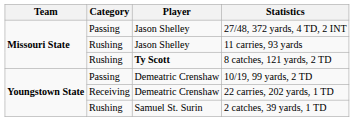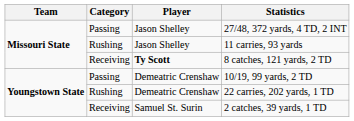 <table class="wikitable" style="float: right;">
 <tr>
 <th>Team</th>
 <th>Category</th>
 <th>Player</th>
 <th>Statistics</th>
 </tr>
 <tr>
 <td rowspan=3><strong>Missouri State</strong></td>
 <td>Passing</td>
 <td>Jason Shelley</td>
 <td>27/48, 372 yards, 4 TD, 2 INT</td>
 </tr>
 <tr>
 <td>Rushing</td>
 <td>Jason Shelley</td>
 <td>11 carries, 93 yards</td>
 </tr>
 <tr>
-<td>Rushing</td>
+<td>Receiving</td>
 <td><strong>Ty Scott</strong></td>
 <td>8 catches, 121 yards, 2 TD</td>
 </tr>
 <tr>
 <td rowspan=3><strong>Youngstown State</strong></td>
 <td>Passing</td>
 <td>Demeatric Crenshaw</td>
 <td>10/19, 99 yards, 2 TD</td>
 </tr>
 <tr>
-<td>Receiving</td>
+<td>Rushing</td>
 <td>Demeatric Crenshaw</td>
 <td>22 carries, 202 yards, 1 TD</td>
 </tr>
 <tr>
-<td>Rushing</td>
+<td>Receiving</td>
 <td>Samuel St. Surin</td>
 <td>2 catches, 39 yards, 1 TD</td>
 </tr>
 </table>
